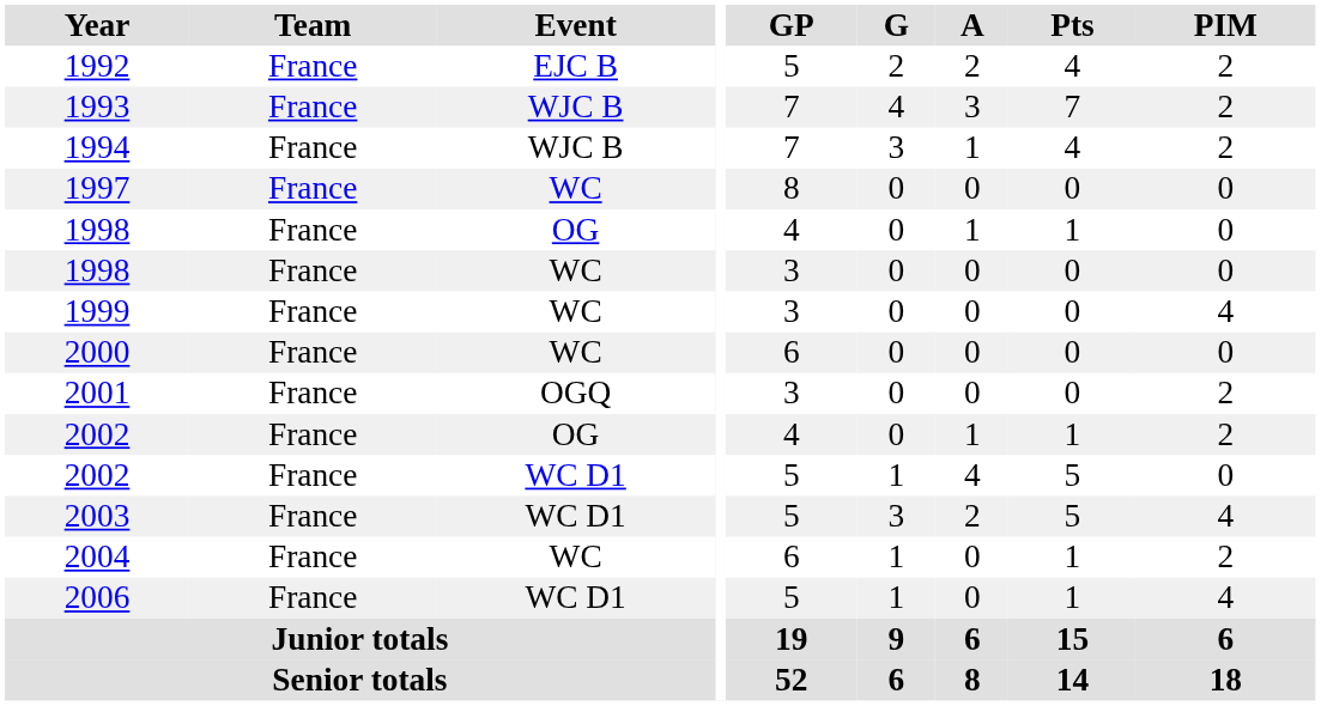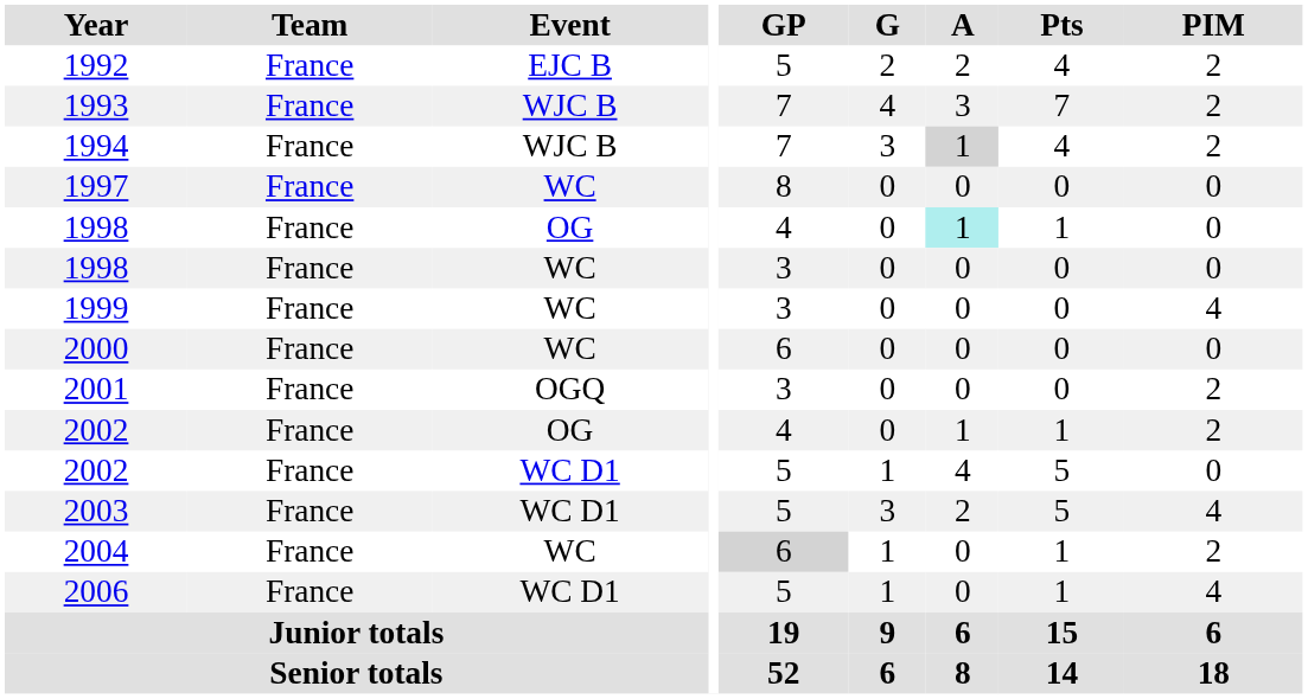 <table border="0" cellpadding="1" cellspacing="0" ID="Table3" style="text-align:center; width:40em">
 <tr ALIGN="center" bgcolor="#e0e0e0">
 <th>Year</th>
 <th>Team</th>
 <th>Event</th>
 <th rowspan="102" bgcolor="#ffffff"></th>
 <th>GP</th>
 <th>G</th>
 <th>A</th>
 <th>Pts</th>
 <th>PIM</th>
 </tr>
 <tr>
 <td><a href='#'>1992</a></td>
 <td><a href='#'>France</a></td>
 <td><a href='#'>EJC B</a></td>
 <td>5</td>
 <td>2</td>
 <td>2</td>
 <td>4</td>
 <td>2</td>
 </tr>
 <tr bgcolor="#f0f0f0">
 <td><a href='#'>1993</a></td>
 <td><a href='#'>France</a></td>
 <td><a href='#'>WJC B</a></td>
 <td>7</td>
 <td>4</td>
 <td>3</td>
 <td>7</td>
 <td>2</td>
 </tr>
 <tr>
 <td><a href='#'>1994</a></td>
 <td>France</td>
 <td>WJC B</td>
 <td>7</td>
 <td>3</td>
-<td>1</td>
+<td style="background: lightgrey;">1</td>
 <td>4</td>
 <td>2</td>
 </tr>
 <tr bgcolor="#f0f0f0">
 <td><a href='#'>1997</a></td>
 <td><a href='#'>France</a></td>
 <td><a href='#'>WC</a></td>
 <td>8</td>
 <td>0</td>
 <td>0</td>
 <td>0</td>
 <td>0</td>
 </tr>
 <tr>
 <td><a href='#'>1998</a></td>
 <td>France</td>
 <td><a href='#'>OG</a></td>
 <td>4</td>
 <td>0</td>
-<td>1</td>
+<td style="background: paleturquoise;">1</td>
 <td>1</td>
 <td>0</td>
 </tr>
 <tr bgcolor="#f0f0f0">
 <td><a href='#'>1998</a></td>
 <td>France</td>
 <td>WC</td>
 <td>3</td>
 <td>0</td>
 <td>0</td>
 <td>0</td>
 <td>0</td>
 </tr>
 <tr>
 <td><a href='#'>1999</a></td>
 <td>France</td>
 <td>WC</td>
 <td>3</td>
 <td>0</td>
 <td>0</td>
 <td>0</td>
 <td>4</td>
 </tr>
 <tr bgcolor="#f0f0f0">
 <td><a href='#'>2000</a></td>
 <td>France</td>
 <td>WC</td>
 <td>6</td>
 <td>0</td>
 <td>0</td>
 <td>0</td>
 <td>0</td>
 </tr>
 <tr>
 <td><a href='#'>2001</a></td>
 <td>France</td>
 <td>OGQ</td>
 <td>3</td>
 <td>0</td>
 <td>0</td>
 <td>0</td>
 <td>2</td>
 </tr>
 <tr bgcolor="#f0f0f0">
 <td><a href='#'>2002</a></td>
 <td>France</td>
 <td>OG</td>
 <td>4</td>
 <td>0</td>
 <td>1</td>
 <td>1</td>
 <td>2</td>
 </tr>
 <tr>
 <td><a href='#'>2002</a></td>
 <td>France</td>
 <td><a href='#'>WC D1</a></td>
 <td>5</td>
 <td>1</td>
 <td>4</td>
 <td>5</td>
 <td>0</td>
 </tr>
 <tr bgcolor="#f0f0f0">
 <td><a href='#'>2003</a></td>
 <td>France</td>
 <td>WC D1</td>
 <td>5</td>
 <td>3</td>
 <td>2</td>
 <td>5</td>
 <td>4</td>
 </tr>
 <tr>
 <td><a href='#'>2004</a></td>
 <td>France</td>
 <td>WC</td>
-<td>6</td>
+<td style="background: lightgrey;">6</td>
 <td>1</td>
 <td>0</td>
 <td>1</td>
 <td>2</td>
 </tr>
 <tr bgcolor="#f0f0f0">
 <td><a href='#'>2006</a></td>
 <td>France</td>
 <td>WC D1</td>
 <td>5</td>
 <td>1</td>
 <td>0</td>
 <td>1</td>
 <td>4</td>
 </tr>
 <tr bgcolor="#e0e0e0">
 <th colspan=3>Junior totals</th>
 <th>19</th>
 <th>9</th>
 <th>6</th>
 <th>15</th>
 <th>6</th>
 </tr>
 <tr bgcolor="#e0e0e0">
 <th colspan=3>Senior totals</th>
 <th>52</th>
 <th>6</th>
 <th>8</th>
 <th>14</th>
 <th>18</th>
 </tr>
 </table>
